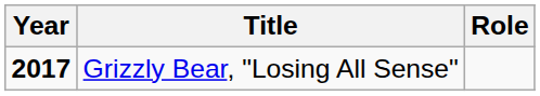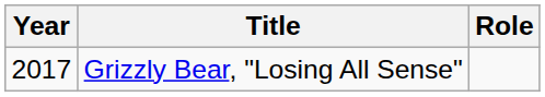 <table class="wikitable">
 <tr>
 <th>Year</th>
 <th>Title</th>
 <th>Role</th>
 </tr>
 <tr>
-<td><strong>2017</strong></td>
+<td>2017</td>
 <td><a href='#'>Grizzly Bear</a>, "Losing All Sense"</td>
 <td></td>
 </tr>
 </table>
